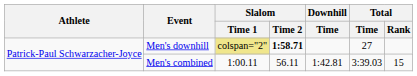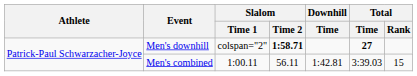 <table class="wikitable" style="font-size:90%">
 <tr>
 <th rowspan="2">Athlete</th>
 <th rowspan="2">Event</th>
 <th colspan="2">Slalom</th>
 <th>Downhill</th>
 <th colspan="2">Total</th>
 </tr>
 <tr>
 <th>Time 1</th>
 <th>Time 2</th>
 <th>Time</th>
 <th>Time</th>
 <th>Rank</th>
 </tr>
 <tr>
 <td rowspan="2"><a href='#'>Patrick-Paul Schwarzacher-Joyce</a></td>
 <td><a href='#'>Men's downhill</a></td>
-<td style="background: khaki;">colspan="2" </td>
+<td>colspan="2" </td>
 <td align="center"><strong>1:58.71</strong></td>
 <td></td>
-<td align="center">27</td>
+<td align="center"><strong>27</strong></td>
 </tr>
 <tr>
 <td><a href='#'>Men's combined</a></td>
 <td align="center">1:00.11</td>
 <td align="center">56.11</td>
 <td align="center">1:42.81</td>
 <td align="center">3:39.03</td>
 <td align="center">15</td>
 </tr>
 </table>
